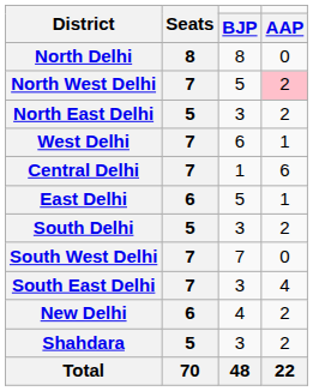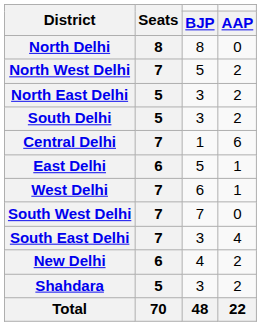 <table class="wikitable" style="text-align:center;">
 <tr>
 <th rowspan="2">District</th>
 <th rowspan="2">Seats</th>
 <td style="color:inherit;background:"></td>
 <td style="color:inherit;background:"></td>
 </tr>
 <tr>
 <th><a href='#'>BJP</a></th>
 <th><a href='#'>AAP</a></th>
 </tr>
 <tr>
 <th><a href='#'>North Delhi</a></th>
 <th>8</th>
 <td style="background:">8</td>
 <td>0</td>
 </tr>
 <tr>
 <th><a href='#'>North West Delhi</a></th>
 <th>7</th>
 <td style="background:">5</td>
-<td style="background: pink;">2</td>
+<td>2</td>
 </tr>
 <tr>
 <th><a href='#'>North East Delhi</a></th>
 <th>5</th>
 <td style="background:">3</td>
 <td>2</td>
 </tr>
 <tr>
-<th><a href='#'>West Delhi</a></th>
-<th>7</th>
-<td style="background:">6</td>
-<td>1</td>
+<th><a href='#'>South Delhi</a></th>
+<th>5</th>
+<td style="background:">3</td>
+<td>2</td>
 </tr>
 <tr>
 <th><a href='#'>Central Delhi</a></th>
 <th>7</th>
 <td>1</td>
 <td style="background:">6</td>
 </tr>
 <tr>
 <th><a href='#'>East Delhi</a></th>
 <th>6</th>
 <td style="background:">5</td>
 <td>1</td>
 </tr>
 <tr>
-<th><a href='#'>South Delhi</a></th>
-<th>5</th>
-<td style="background:">3</td>
-<td>2</td>
+<th><a href='#'>West Delhi</a></th>
+<th>7</th>
+<td style="background:">6</td>
+<td>1</td>
 </tr>
 <tr>
 <th><a href='#'>South West Delhi</a></th>
 <th>7</th>
 <td style="background:">7</td>
 <td>0</td>
 </tr>
 <tr>
 <th><a href='#'>South East Delhi</a></th>
 <th>7</th>
 <td>3</td>
 <td style="background:">4</td>
 </tr>
 <tr>
 <th><a href='#'>New Delhi</a></th>
 <th>6</th>
 <td style="background:">4</td>
 <td>2</td>
 </tr>
 <tr>
 <th><a href='#'>Shahdara</a></th>
 <th>5</th>
 <td style="background:">3</td>
 <td>2</td>
 </tr>
 <tr>
 <th>Total</th>
 <th>70</th>
 <th style="background:">48</th>
 <th>22</th>
 </tr>
 </table>
